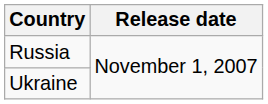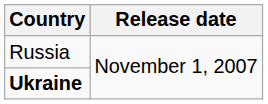 <table class="wikitable">
 <tr>
 <th>Country</th>
 <th>Release date</th>
 </tr>
 <tr>
 <td>Russia</td>
 <td rowspan="2">November 1, 2007</td>
 </tr>
 <tr>
-<td>Ukraine</td>
+<td><strong>Ukraine</strong></td>
 </tr>
 </table>
